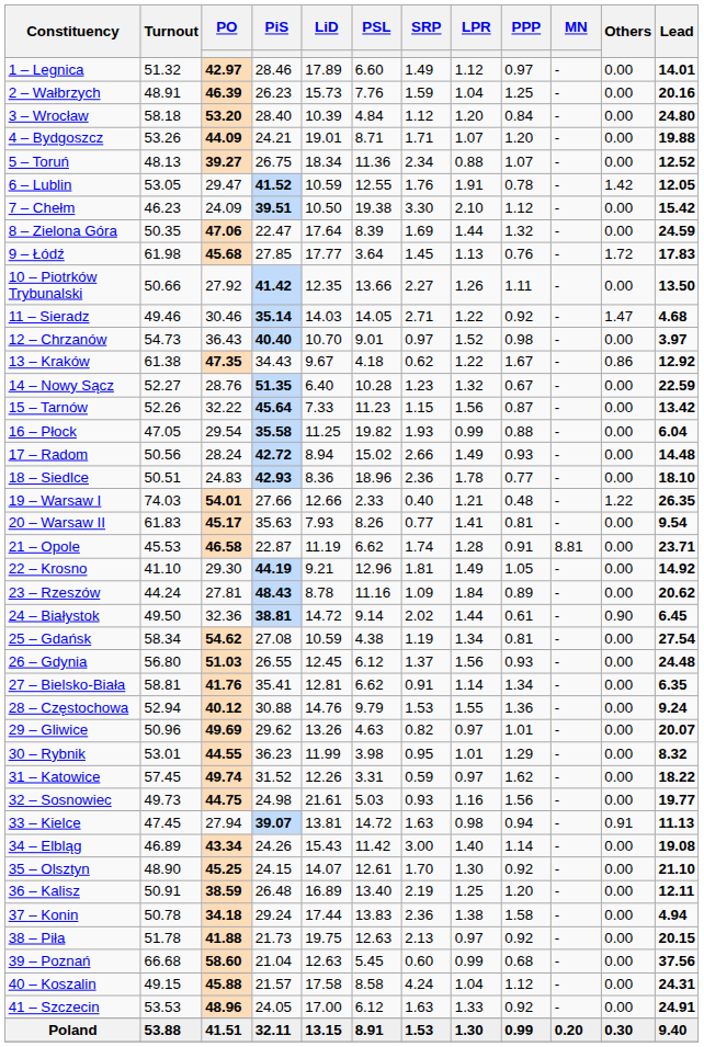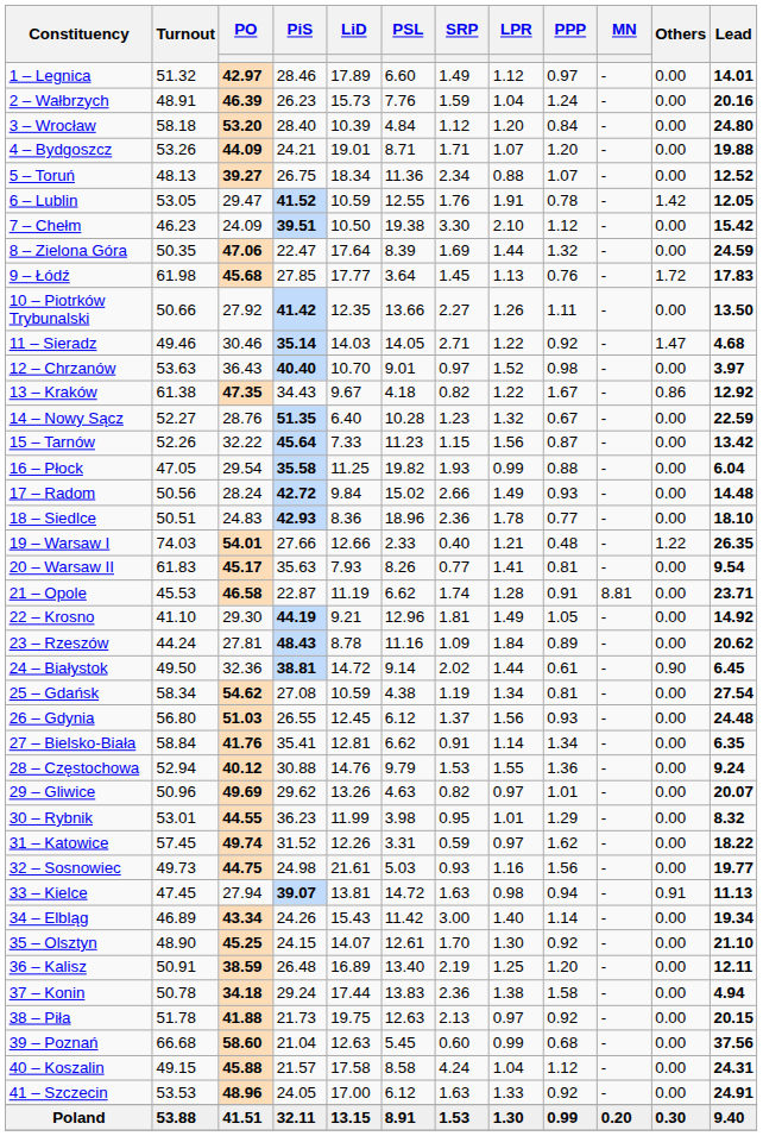 <table class="wikitable sortable collapsible" style="font-size:85%">
 <tr style="height:42px; text-align:center; background-color:#E9E9E9;">
 <th rowspan="2" style="width:120px;">Constituency</th>
 <th rowspan="2" data-sort-type="number" style="width:30px;">Turnout</th>
 <th style="width:40px;" class="unsortable"><a href='#'><span>PO</span></a></th>
 <th style="width:40px;" class="unsortable"><a href='#'><span>PiS</span></a></th>
 <th style="width:40px;" class="unsortable"><a href='#'><span>LiD</span></a></th>
 <th style="width:40px;" class="unsortable"><a href='#'><span>PSL</span></a></th>
 <th style="width:40px;" class="unsortable"><a href='#'><span>SRP</span></a></th>
 <th style="width:40px;" class="unsortable"><a href='#'><span>LPR</span></a></th>
 <th style="width:40px;" class="unsortable"><a href='#'><span>PPP</span></a></th>
 <th style="width:40px;" class="unsortable"><a href='#'><span>MN</span></a></th>
 <th rowspan="2" data-sort-type="number" style="width:40px;">Others</th>
 <th rowspan="2" data-sort-type="number" style="width:30px;">Lead</th>
 </tr>
 <tr>
 <th data-sort-type="number" style="height:1px; background:"></th>
 <th data-sort-type="number" style="height:1px; background:"></th>
 <th data-sort-type="number" style="height:1px; background:"></th>
 <th data-sort-type="number" style="height:1px; background:"></th>
 <th data-sort-type="number" style="height:1px; background:"></th>
 <th data-sort-type="number" style="height:1px; background:"></th>
 <th data-sort-type="number" style="height:1px; background:"></th>
 <th data-sort-type="number" style="height:1px; background:"></th>
 </tr>
 <tr>
 <td><a href='#'>1 – Legnica</a></td>
 <td>51.32</td>
 <td style="font-weight:bold; background:#FDDCB8">42.97</td>
 <td>28.46</td>
 <td>17.89</td>
 <td>6.60</td>
 <td>1.49</td>
 <td>1.12</td>
 <td>0.97</td>
 <td>-</td>
 <td>0.00</td>
 <td style="background:"><strong>14.01</strong></td>
 </tr>
 <tr>
 <td><a href='#'>2 – Wałbrzych</a></td>
 <td>48.91</td>
 <td style="font-weight:bold; background:#FDDCB8">46.39</td>
 <td>26.23</td>
 <td>15.73</td>
 <td>7.76</td>
 <td>1.59</td>
 <td>1.04</td>
-<td>1.25</td>
+<td>1.24</td>
 <td>-</td>
 <td>0.00</td>
 <td style="background:"><strong>20.16</strong></td>
 </tr>
 <tr>
 <td><a href='#'>3 – Wrocław</a></td>
 <td>58.18</td>
 <td style="font-weight:bold; background:#FDDCB8">53.20</td>
 <td>28.40</td>
 <td>10.39</td>
 <td>4.84</td>
 <td>1.12</td>
 <td>1.20</td>
 <td>0.84</td>
 <td>-</td>
 <td>0.00</td>
 <td style="background:"><strong>24.80</strong></td>
 </tr>
 <tr>
 <td><a href='#'>4 – Bydgoszcz</a></td>
 <td>53.26</td>
 <td style="font-weight:bold; background:#FDDCB8">44.09</td>
 <td>24.21</td>
 <td>19.01</td>
 <td>8.71</td>
 <td>1.71</td>
 <td>1.07</td>
 <td>1.20</td>
 <td>-</td>
 <td>0.00</td>
 <td style="background:"><strong>19.88</strong></td>
 </tr>
 <tr>
 <td><a href='#'>5 – Toruń</a></td>
 <td>48.13</td>
 <td style="font-weight:bold; background:#FDDCB8">39.27</td>
 <td>26.75</td>
 <td>18.34</td>
 <td>11.36</td>
 <td>2.34</td>
 <td>0.88</td>
 <td>1.07</td>
 <td>-</td>
 <td>0.00</td>
 <td style="background:"><strong>12.52</strong></td>
 </tr>
 <tr>
 <td><a href='#'>6 – Lublin</a></td>
 <td>53.05</td>
 <td>29.47</td>
 <td style="font-weight:bold; background:#C0DBFC">41.52</td>
 <td>10.59</td>
 <td>12.55</td>
 <td>1.76</td>
 <td>1.91</td>
 <td>0.78</td>
 <td>-</td>
 <td>1.42</td>
 <td style="background:"><strong>12.05</strong></td>
 </tr>
 <tr>
 <td><a href='#'>7 – Chełm</a></td>
 <td>46.23</td>
 <td>24.09</td>
 <td style="font-weight:bold; background:#C0DBFC">39.51</td>
 <td>10.50</td>
 <td>19.38</td>
 <td>3.30</td>
 <td>2.10</td>
 <td>1.12</td>
 <td>-</td>
 <td>0.00</td>
 <td style="background:"><strong>15.42</strong></td>
 </tr>
 <tr>
 <td><a href='#'>8 – Zielona Góra</a></td>
 <td>50.35</td>
 <td style="font-weight:bold; background:#FDDCB8">47.06</td>
 <td>22.47</td>
 <td>17.64</td>
 <td>8.39</td>
 <td>1.69</td>
 <td>1.44</td>
 <td>1.32</td>
 <td>-</td>
 <td>0.00</td>
 <td style="background:"><strong>24.59</strong></td>
 </tr>
 <tr>
 <td><a href='#'>9 – Łódź</a></td>
 <td>61.98</td>
 <td style="font-weight:bold; background:#FDDCB8">45.68</td>
 <td>27.85</td>
 <td>17.77</td>
 <td>3.64</td>
 <td>1.45</td>
 <td>1.13</td>
 <td>0.76</td>
 <td>-</td>
 <td>1.72</td>
 <td style="background:"><strong>17.83</strong></td>
 </tr>
 <tr>
 <td><a href='#'>10 – Piotrków Trybunalski</a></td>
 <td>50.66</td>
 <td>27.92</td>
 <td style="font-weight:bold; background:#C0DBFC">41.42</td>
 <td>12.35</td>
 <td>13.66</td>
 <td>2.27</td>
 <td>1.26</td>
 <td>1.11</td>
 <td>-</td>
 <td>0.00</td>
 <td style="background:"><strong>13.50</strong></td>
 </tr>
 <tr>
 <td><a href='#'>11 – Sieradz</a></td>
 <td>49.46</td>
 <td>30.46</td>
 <td style="font-weight:bold; background:#C0DBFC">35.14</td>
 <td>14.03</td>
 <td>14.05</td>
 <td>2.71</td>
 <td>1.22</td>
 <td>0.92</td>
 <td>-</td>
 <td>1.47</td>
 <td style="background:"><strong>4.68</strong></td>
 </tr>
 <tr>
 <td><a href='#'>12 – Chrzanów</a></td>
-<td>54.73</td>
+<td>53.63</td>
 <td>36.43</td>
 <td style="font-weight:bold; background:#C0DBFC">40.40</td>
 <td>10.70</td>
 <td>9.01</td>
 <td>0.97</td>
 <td>1.52</td>
 <td>0.98</td>
 <td>-</td>
 <td>0.00</td>
 <td style="background:"><strong>3.97</strong></td>
 </tr>
 <tr>
 <td><a href='#'>13 – Kraków</a></td>
 <td>61.38</td>
 <td style="font-weight:bold; background:#FDDCB8">47.35</td>
 <td>34.43</td>
 <td>9.67</td>
 <td>4.18</td>
-<td>0.62</td>
+<td>0.82</td>
 <td>1.22</td>
 <td>1.67</td>
 <td>-</td>
 <td>0.86</td>
 <td style="background:"><strong>12.92</strong></td>
 </tr>
 <tr>
 <td><a href='#'>14 – Nowy Sącz</a></td>
 <td>52.27</td>
 <td>28.76</td>
 <td style="font-weight:bold; background:#C0DBFC">51.35</td>
 <td>6.40</td>
 <td>10.28</td>
 <td>1.23</td>
 <td>1.32</td>
 <td>0.67</td>
 <td>-</td>
 <td>0.00</td>
 <td style="background:"><strong>22.59</strong></td>
 </tr>
 <tr>
 <td><a href='#'>15 – Tarnów</a></td>
 <td>52.26</td>
 <td>32.22</td>
 <td style="font-weight:bold; background:#C0DBFC">45.64</td>
 <td>7.33</td>
 <td>11.23</td>
 <td>1.15</td>
 <td>1.56</td>
 <td>0.87</td>
 <td>-</td>
 <td>0.00</td>
 <td style="background:"><strong>13.42</strong></td>
 </tr>
 <tr>
 <td><a href='#'>16 – Płock</a></td>
 <td>47.05</td>
 <td>29.54</td>
 <td style="font-weight:bold; background:#C0DBFC">35.58</td>
 <td>11.25</td>
 <td>19.82</td>
 <td>1.93</td>
 <td>0.99</td>
 <td>0.88</td>
 <td>-</td>
 <td>0.00</td>
 <td style="background:"><strong>6.04</strong></td>
 </tr>
 <tr>
 <td><a href='#'>17 – Radom</a></td>
 <td>50.56</td>
 <td>28.24</td>
 <td style="font-weight:bold; background:#C0DBFC">42.72</td>
-<td>8.94</td>
+<td>9.84</td>
 <td>15.02</td>
 <td>2.66</td>
 <td>1.49</td>
 <td>0.93</td>
 <td>-</td>
 <td>0.00</td>
 <td style="background:"><strong>14.48</strong></td>
 </tr>
 <tr>
 <td><a href='#'>18 – Siedlce</a></td>
 <td>50.51</td>
 <td>24.83</td>
 <td style="font-weight:bold; background:#C0DBFC">42.93</td>
 <td>8.36</td>
 <td>18.96</td>
 <td>2.36</td>
 <td>1.78</td>
 <td>0.77</td>
 <td>-</td>
 <td>0.00</td>
 <td style="background:"><strong>18.10</strong></td>
 </tr>
 <tr>
 <td><a href='#'>19 – Warsaw I</a></td>
 <td>74.03</td>
 <td style="font-weight:bold; background:#FDDCB8">54.01</td>
 <td>27.66</td>
 <td>12.66</td>
 <td>2.33</td>
 <td>0.40</td>
 <td>1.21</td>
 <td>0.48</td>
 <td>-</td>
 <td>1.22</td>
 <td style="background:"><strong>26.35</strong></td>
 </tr>
 <tr>
 <td><a href='#'>20 – Warsaw II</a></td>
 <td>61.83</td>
 <td style="font-weight:bold; background:#FDDCB8">45.17</td>
 <td>35.63</td>
 <td>7.93</td>
 <td>8.26</td>
 <td>0.77</td>
 <td>1.41</td>
 <td>0.81</td>
 <td>-</td>
 <td>0.00</td>
 <td style="background:"><strong>9.54</strong></td>
 </tr>
 <tr>
 <td><a href='#'>21 – Opole</a></td>
 <td>45.53</td>
 <td style="font-weight:bold; background:#FDDCB8">46.58</td>
 <td>22.87</td>
 <td>11.19</td>
 <td>6.62</td>
 <td>1.74</td>
 <td>1.28</td>
 <td>0.91</td>
 <td>8.81</td>
 <td>0.00</td>
 <td style="background:"><strong>23.71</strong></td>
 </tr>
 <tr>
 <td><a href='#'>22 – Krosno</a></td>
 <td>41.10</td>
 <td>29.30</td>
 <td style="font-weight:bold; background:#C0DBFC">44.19</td>
 <td>9.21</td>
 <td>12.96</td>
 <td>1.81</td>
 <td>1.49</td>
 <td>1.05</td>
 <td>-</td>
 <td>0.00</td>
 <td style="background:"><strong>14.92</strong></td>
 </tr>
 <tr>
 <td><a href='#'>23 – Rzeszów</a></td>
 <td>44.24</td>
 <td>27.81</td>
 <td style="font-weight:bold; background:#C0DBFC">48.43</td>
 <td>8.78</td>
 <td>11.16</td>
 <td>1.09</td>
 <td>1.84</td>
 <td>0.89</td>
 <td>-</td>
 <td>0.00</td>
 <td style="background:"><strong>20.62</strong></td>
 </tr>
 <tr>
 <td><a href='#'>24 – Białystok</a></td>
 <td>49.50</td>
 <td>32.36</td>
 <td style="font-weight:bold; background:#C0DBFC">38.81</td>
 <td>14.72</td>
 <td>9.14</td>
 <td>2.02</td>
 <td>1.44</td>
 <td>0.61</td>
 <td>-</td>
 <td>0.90</td>
 <td style="background:"><strong>6.45</strong></td>
 </tr>
 <tr>
 <td><a href='#'>25 – Gdańsk</a></td>
 <td>58.34</td>
 <td style="font-weight:bold; background:#FDDCB8">54.62</td>
 <td>27.08</td>
 <td>10.59</td>
 <td>4.38</td>
 <td>1.19</td>
 <td>1.34</td>
 <td>0.81</td>
 <td>-</td>
 <td>0.00</td>
 <td style="background:"><strong>27.54</strong></td>
 </tr>
 <tr>
 <td><a href='#'>26 – Gdynia</a></td>
 <td>56.80</td>
 <td style="font-weight:bold; background:#FDDCB8">51.03</td>
 <td>26.55</td>
 <td>12.45</td>
 <td>6.12</td>
 <td>1.37</td>
 <td>1.56</td>
 <td>0.93</td>
 <td>-</td>
 <td>0.00</td>
 <td style="background:"><strong>24.48</strong></td>
 </tr>
 <tr>
 <td><a href='#'>27 – Bielsko-Biała</a></td>
-<td>58.81</td>
+<td>58.84</td>
 <td style="font-weight:bold; background:#FDDCB8">41.76</td>
 <td>35.41</td>
 <td>12.81</td>
 <td>6.62</td>
 <td>0.91</td>
 <td>1.14</td>
 <td>1.34</td>
 <td>-</td>
 <td>0.00</td>
 <td style="background:"><strong>6.35</strong></td>
 </tr>
 <tr>
 <td><a href='#'>28 – Częstochowa</a></td>
 <td>52.94</td>
 <td style="font-weight:bold; background:#FDDCB8">40.12</td>
 <td>30.88</td>
 <td>14.76</td>
 <td>9.79</td>
 <td>1.53</td>
 <td>1.55</td>
 <td>1.36</td>
 <td>-</td>
 <td>0.00</td>
 <td style="background:"><strong>9.24</strong></td>
 </tr>
 <tr>
 <td><a href='#'>29 – Gliwice</a></td>
 <td>50.96</td>
 <td style="font-weight:bold; background:#FDDCB8">49.69</td>
 <td>29.62</td>
 <td>13.26</td>
 <td>4.63</td>
 <td>0.82</td>
 <td>0.97</td>
 <td>1.01</td>
 <td>-</td>
 <td>0.00</td>
 <td style="background:"><strong>20.07</strong></td>
 </tr>
 <tr>
 <td><a href='#'>30 – Rybnik</a></td>
 <td>53.01</td>
 <td style="font-weight:bold; background:#FDDCB8">44.55</td>
 <td>36.23</td>
 <td>11.99</td>
 <td>3.98</td>
 <td>0.95</td>
 <td>1.01</td>
 <td>1.29</td>
 <td>-</td>
 <td>0.00</td>
 <td style="background:"><strong>8.32</strong></td>
 </tr>
 <tr>
 <td><a href='#'>31 – Katowice</a></td>
 <td>57.45</td>
 <td style="font-weight:bold; background:#FDDCB8">49.74</td>
 <td>31.52</td>
 <td>12.26</td>
 <td>3.31</td>
 <td>0.59</td>
 <td>0.97</td>
 <td>1.62</td>
 <td>-</td>
 <td>0.00</td>
 <td style="background:"><strong>18.22</strong></td>
 </tr>
 <tr>
 <td><a href='#'>32 – Sosnowiec</a></td>
 <td>49.73</td>
 <td style="font-weight:bold; background:#FDDCB8">44.75</td>
 <td>24.98</td>
 <td>21.61</td>
 <td>5.03</td>
 <td>0.93</td>
 <td>1.16</td>
 <td>1.56</td>
 <td>-</td>
 <td>0.00</td>
 <td style="background:"><strong>19.77</strong></td>
 </tr>
 <tr>
 <td><a href='#'>33 – Kielce</a></td>
 <td>47.45</td>
 <td>27.94</td>
 <td style="font-weight:bold; background:#C0DBFC">39.07</td>
 <td>13.81</td>
 <td>14.72</td>
 <td>1.63</td>
 <td>0.98</td>
 <td>0.94</td>
 <td>-</td>
 <td>0.91</td>
 <td style="background:"><strong>11.13</strong></td>
 </tr>
 <tr>
 <td><a href='#'>34 – Elbląg</a></td>
 <td>46.89</td>
 <td style="font-weight:bold; background:#FDDCB8">43.34</td>
 <td>24.26</td>
 <td>15.43</td>
 <td>11.42</td>
 <td>3.00</td>
 <td>1.40</td>
 <td>1.14</td>
 <td>-</td>
 <td>0.00</td>
-<td style="background:"><strong>19.08</strong></td>
+<td style="background:"><strong>19.34</strong></td>
 </tr>
 <tr>
 <td><a href='#'>35 – Olsztyn</a></td>
 <td>48.90</td>
 <td style="font-weight:bold; background:#FDDCB8">45.25</td>
 <td>24.15</td>
 <td>14.07</td>
 <td>12.61</td>
 <td>1.70</td>
 <td>1.30</td>
 <td>0.92</td>
 <td>-</td>
 <td>0.00</td>
 <td style="background:"><strong>21.10</strong></td>
 </tr>
 <tr>
 <td><a href='#'>36 – Kalisz</a></td>
 <td>50.91</td>
 <td style="font-weight:bold; background:#FDDCB8">38.59</td>
 <td>26.48</td>
 <td>16.89</td>
 <td>13.40</td>
 <td>2.19</td>
 <td>1.25</td>
 <td>1.20</td>
 <td>-</td>
 <td>0.00</td>
 <td style="background:"><strong>12.11</strong></td>
 </tr>
 <tr>
 <td><a href='#'>37 – Konin</a></td>
 <td>50.78</td>
 <td style="font-weight:bold; background:#FDDCB8">34.18</td>
 <td>29.24</td>
 <td>17.44</td>
 <td>13.83</td>
 <td>2.36</td>
 <td>1.38</td>
 <td>1.58</td>
 <td>-</td>
 <td>0.00</td>
 <td style="background:"><strong>4.94</strong></td>
 </tr>
 <tr>
 <td><a href='#'>38 – Piła</a></td>
 <td>51.78</td>
 <td style="font-weight:bold; background:#FDDCB8">41.88</td>
 <td>21.73</td>
 <td>19.75</td>
 <td>12.63</td>
 <td>2.13</td>
 <td>0.97</td>
 <td>0.92</td>
 <td>-</td>
 <td>0.00</td>
 <td style="background:"><strong>20.15</strong></td>
 </tr>
 <tr>
 <td><a href='#'>39 – Poznań</a></td>
 <td>66.68</td>
 <td style="font-weight:bold; background:#FDDCB8">58.60</td>
 <td>21.04</td>
 <td>12.63</td>
 <td>5.45</td>
 <td>0.60</td>
 <td>0.99</td>
 <td>0.68</td>
 <td>-</td>
 <td>0.00</td>
 <td style="background:"><strong>37.56</strong></td>
 </tr>
 <tr>
 <td><a href='#'>40 – Koszalin</a></td>
 <td>49.15</td>
 <td style="font-weight:bold; background:#FDDCB8">45.88</td>
 <td>21.57</td>
 <td>17.58</td>
 <td>8.58</td>
 <td>4.24</td>
 <td>1.04</td>
 <td>1.12</td>
 <td>-</td>
 <td>0.00</td>
 <td style="background:"><strong>24.31</strong></td>
 </tr>
 <tr>
 <td><a href='#'>41 – Szczecin</a></td>
 <td>53.53</td>
 <td style="font-weight:bold; background:#FDDCB8">48.96</td>
 <td>24.05</td>
 <td>17.00</td>
 <td>6.12</td>
 <td>1.63</td>
 <td>1.33</td>
 <td>0.92</td>
 <td>-</td>
 <td>0.00</td>
 <td style="background:"><strong>24.91</strong></td>
 </tr>
 <tr>
 </tr>
 <tr style="background:#EFEFEF; font-weight:bold;">
 <th allign=center>Poland</th>
 <td>53.88</td>
 <td>41.51</td>
 <td>32.11</td>
 <td>13.15</td>
 <td>8.91</td>
 <td>1.53</td>
 <td>1.30</td>
 <td>0.99</td>
 <td>0.20</td>
 <td>0.30</td>
 <td>9.40</td>
 </tr>
 <tr>
 </tr>
 </table>
